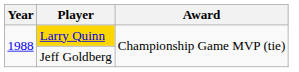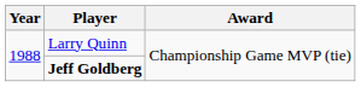 <table class="wikitable">
 <tr>
 <th>Year</th>
 <th>Player</th>
 <th>Award</th>
 </tr>
 <tr>
 <td rowspan="2"><a href='#'>1988</a></td>
-<td style="background: gold;"><a href='#'>Larry Quinn</a></td>
+<td><a href='#'>Larry Quinn</a></td>
 <td rowspan=2>Championship Game MVP (tie)</td>
 </tr>
 <tr>
-<td>Jeff Goldberg</td>
+<td><strong>Jeff Goldberg</strong></td>
 </tr>
 </table>
